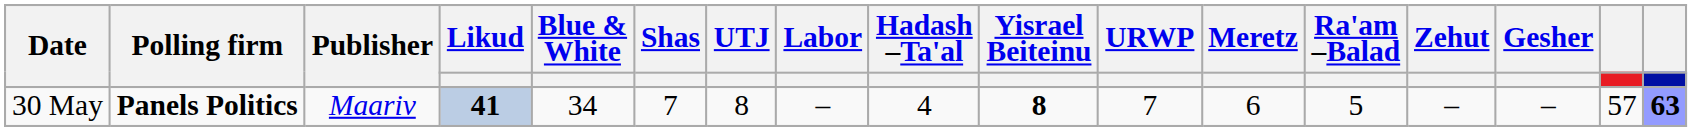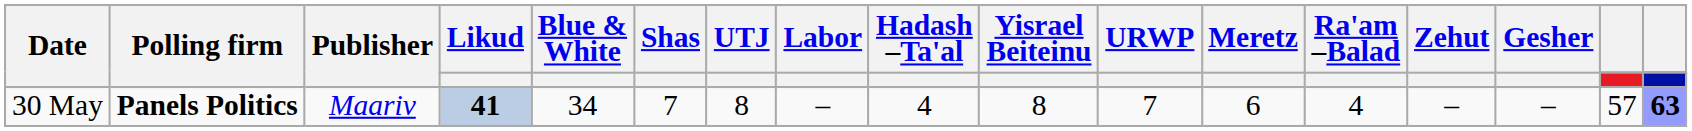 <table class="wikitable sortable" style="text-align:center;font-size:90%;line-height:13px">
 <tr>
 <th rowspan="2">Date</th>
 <th rowspan="2">Polling firm</th>
 <th rowspan="2">Publisher</th>
 <th><a href='#'>Likud</a></th>
 <th><a href='#'>Blue &<br>White</a></th>
 <th><a href='#'>Shas</a></th>
 <th><a href='#'>UTJ</a></th>
 <th><a href='#'>Labor</a></th>
 <th><a href='#'>Hadash</a><br>–<a href='#'>Ta'al</a></th>
 <th><a href='#'>Yisrael<br>Beiteinu</a></th>
 <th><a href='#'>URWP</a></th>
 <th><a href='#'>Meretz</a></th>
 <th><a href='#'>Ra'am</a><br>–<a href='#'>Balad</a></th>
 <th><a href='#'>Zehut</a></th>
 <th><a href='#'>Gesher</a></th>
 <th></th>
 <th></th>
 </tr>
 <tr>
 <th style="background:"></th>
 <th style="background:"></th>
 <th style="background:"></th>
 <th style="background:"></th>
 <th style="background:"></th>
 <th style="background:"></th>
 <th style="background:"></th>
 <th style="background:"></th>
 <th style="background:"></th>
 <th style="background:"></th>
 <th style="background:"></th>
 <th style="background:"></th>
 <th style="background:#E81B23;"></th>
 <th style="background:#000EA3;"></th>
 </tr>
 <tr>
 <td data-sort-value="2019-05-30">30 May</td>
 <td><strong>Panels Politics</strong></td>
 <td><em><a href='#'>Maariv</a></em></td>
 <td style="background:#BBCDE4"><strong>41</strong>	</td>
 <td>34					</td>
 <td>7					</td>
 <td>8					</td>
 <td>–					</td>
 <td>4					</td>
-<td><strong>8					</strong></td>
+<td>8					</td>
 <td>7					</td>
 <td>6					</td>
-<td>5					</td>
+<td>4					</td>
 <td>–					</td>
 <td>–					</td>
 <td>57					</td>
 <td style="background:#939BFF"><strong>63</strong>	</td>
 </tr>
 </table>
